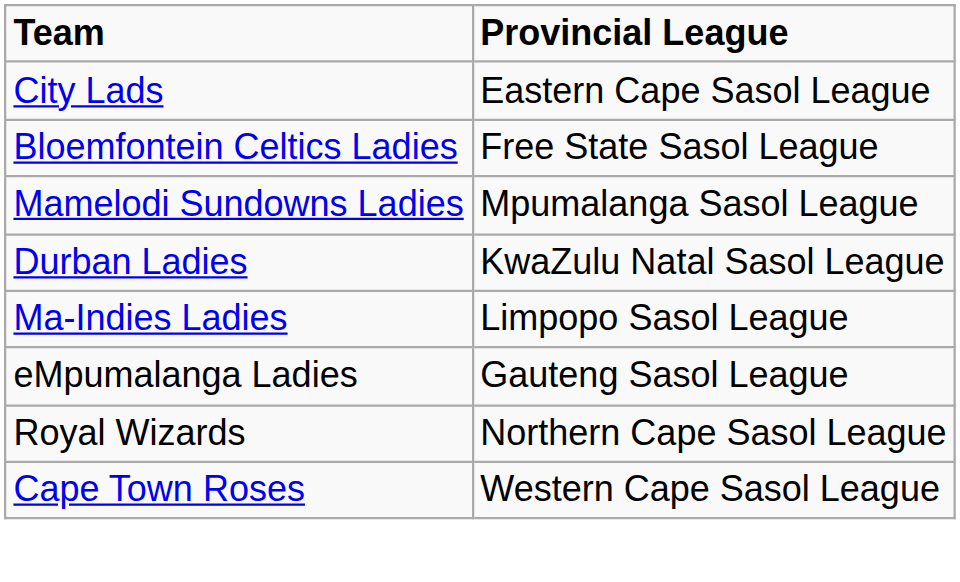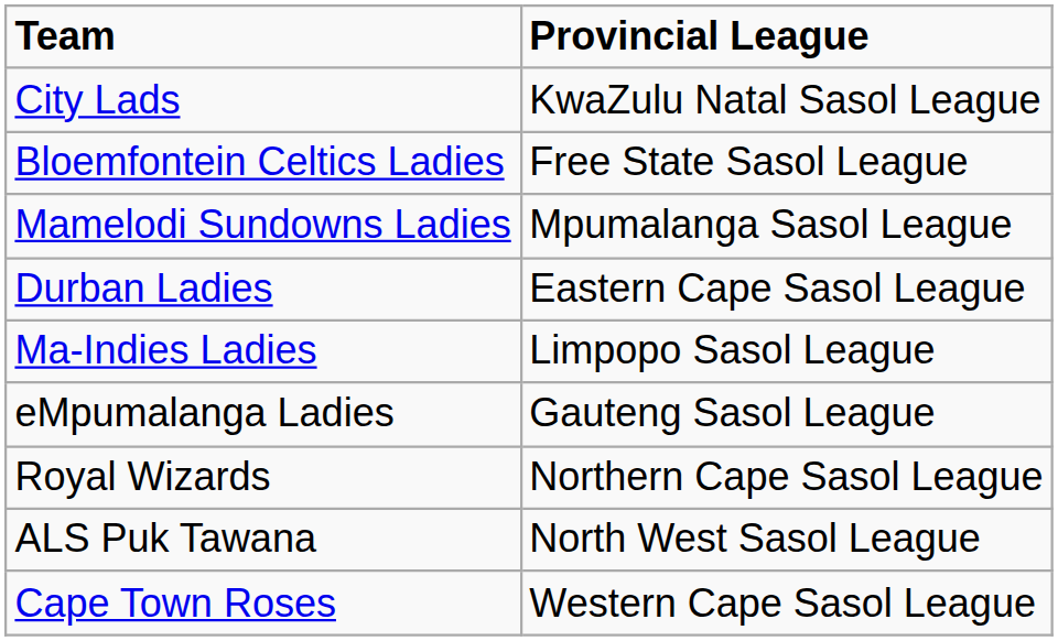 <table class="wikitable sortable" style="text_align: left;">
 <tr>
 <td><strong>Team</strong></td>
 <td><strong>Provincial League</strong></td>
 </tr>
 <tr>
 <td><a href='#'>City Lads</a></td>
-<td>Eastern Cape Sasol League</td>
+<td>KwaZulu Natal Sasol League</td>
 </tr>
 <tr>
 <td><a href='#'>Bloemfontein Celtics Ladies</a></td>
 <td>Free State Sasol League</td>
 </tr>
 <tr>
 <td><a href='#'>Mamelodi Sundowns Ladies</a></td>
 <td>Mpumalanga Sasol League</td>
 </tr>
 <tr>
 <td><a href='#'>Durban Ladies</a></td>
-<td>KwaZulu Natal Sasol League</td>
+<td>Eastern Cape Sasol League</td>
 </tr>
 <tr>
 <td><a href='#'>Ma-Indies Ladies</a></td>
 <td>Limpopo Sasol League</td>
 </tr>
 <tr>
 <td>eMpumalanga Ladies</td>
 <td>Gauteng Sasol League</td>
 </tr>
 <tr>
 <td>Royal Wizards</td>
 <td>Northern Cape Sasol League</td>
 </tr>
 <tr>
+<td>ALS Puk Tawana</td>
+<td>North West Sasol League</td>
+</tr>
+<tr>
 <td><a href='#'>Cape Town Roses</a></td>
 <td>Western Cape Sasol League</td>
 </tr>
 </table>
